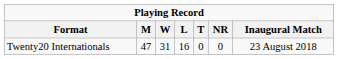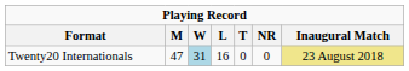 <table class="wikitable" style="text-align: center; width: 500px;">
 <tr>
 <td colspan=7 align="center"><strong>Playing Record</strong></td>
 </tr>
 <tr>
 <th>Format</th>
 <th>M</th>
 <th>W</th>
 <th>L</th>
 <th>T</th>
 <th>NR</th>
 <th>Inaugural Match</th>
 </tr>
 <tr>
 <td align="left">Twenty20 Internationals</td>
 <td>47</td>
-<td>31</td>
+<td style="background: lightblue;">31</td>
 <td>16</td>
 <td>0</td>
 <td>0</td>
-<td>23 August 2018</td>
+<td style="background: khaki;">23 August 2018</td>
 </tr>
 </table>
